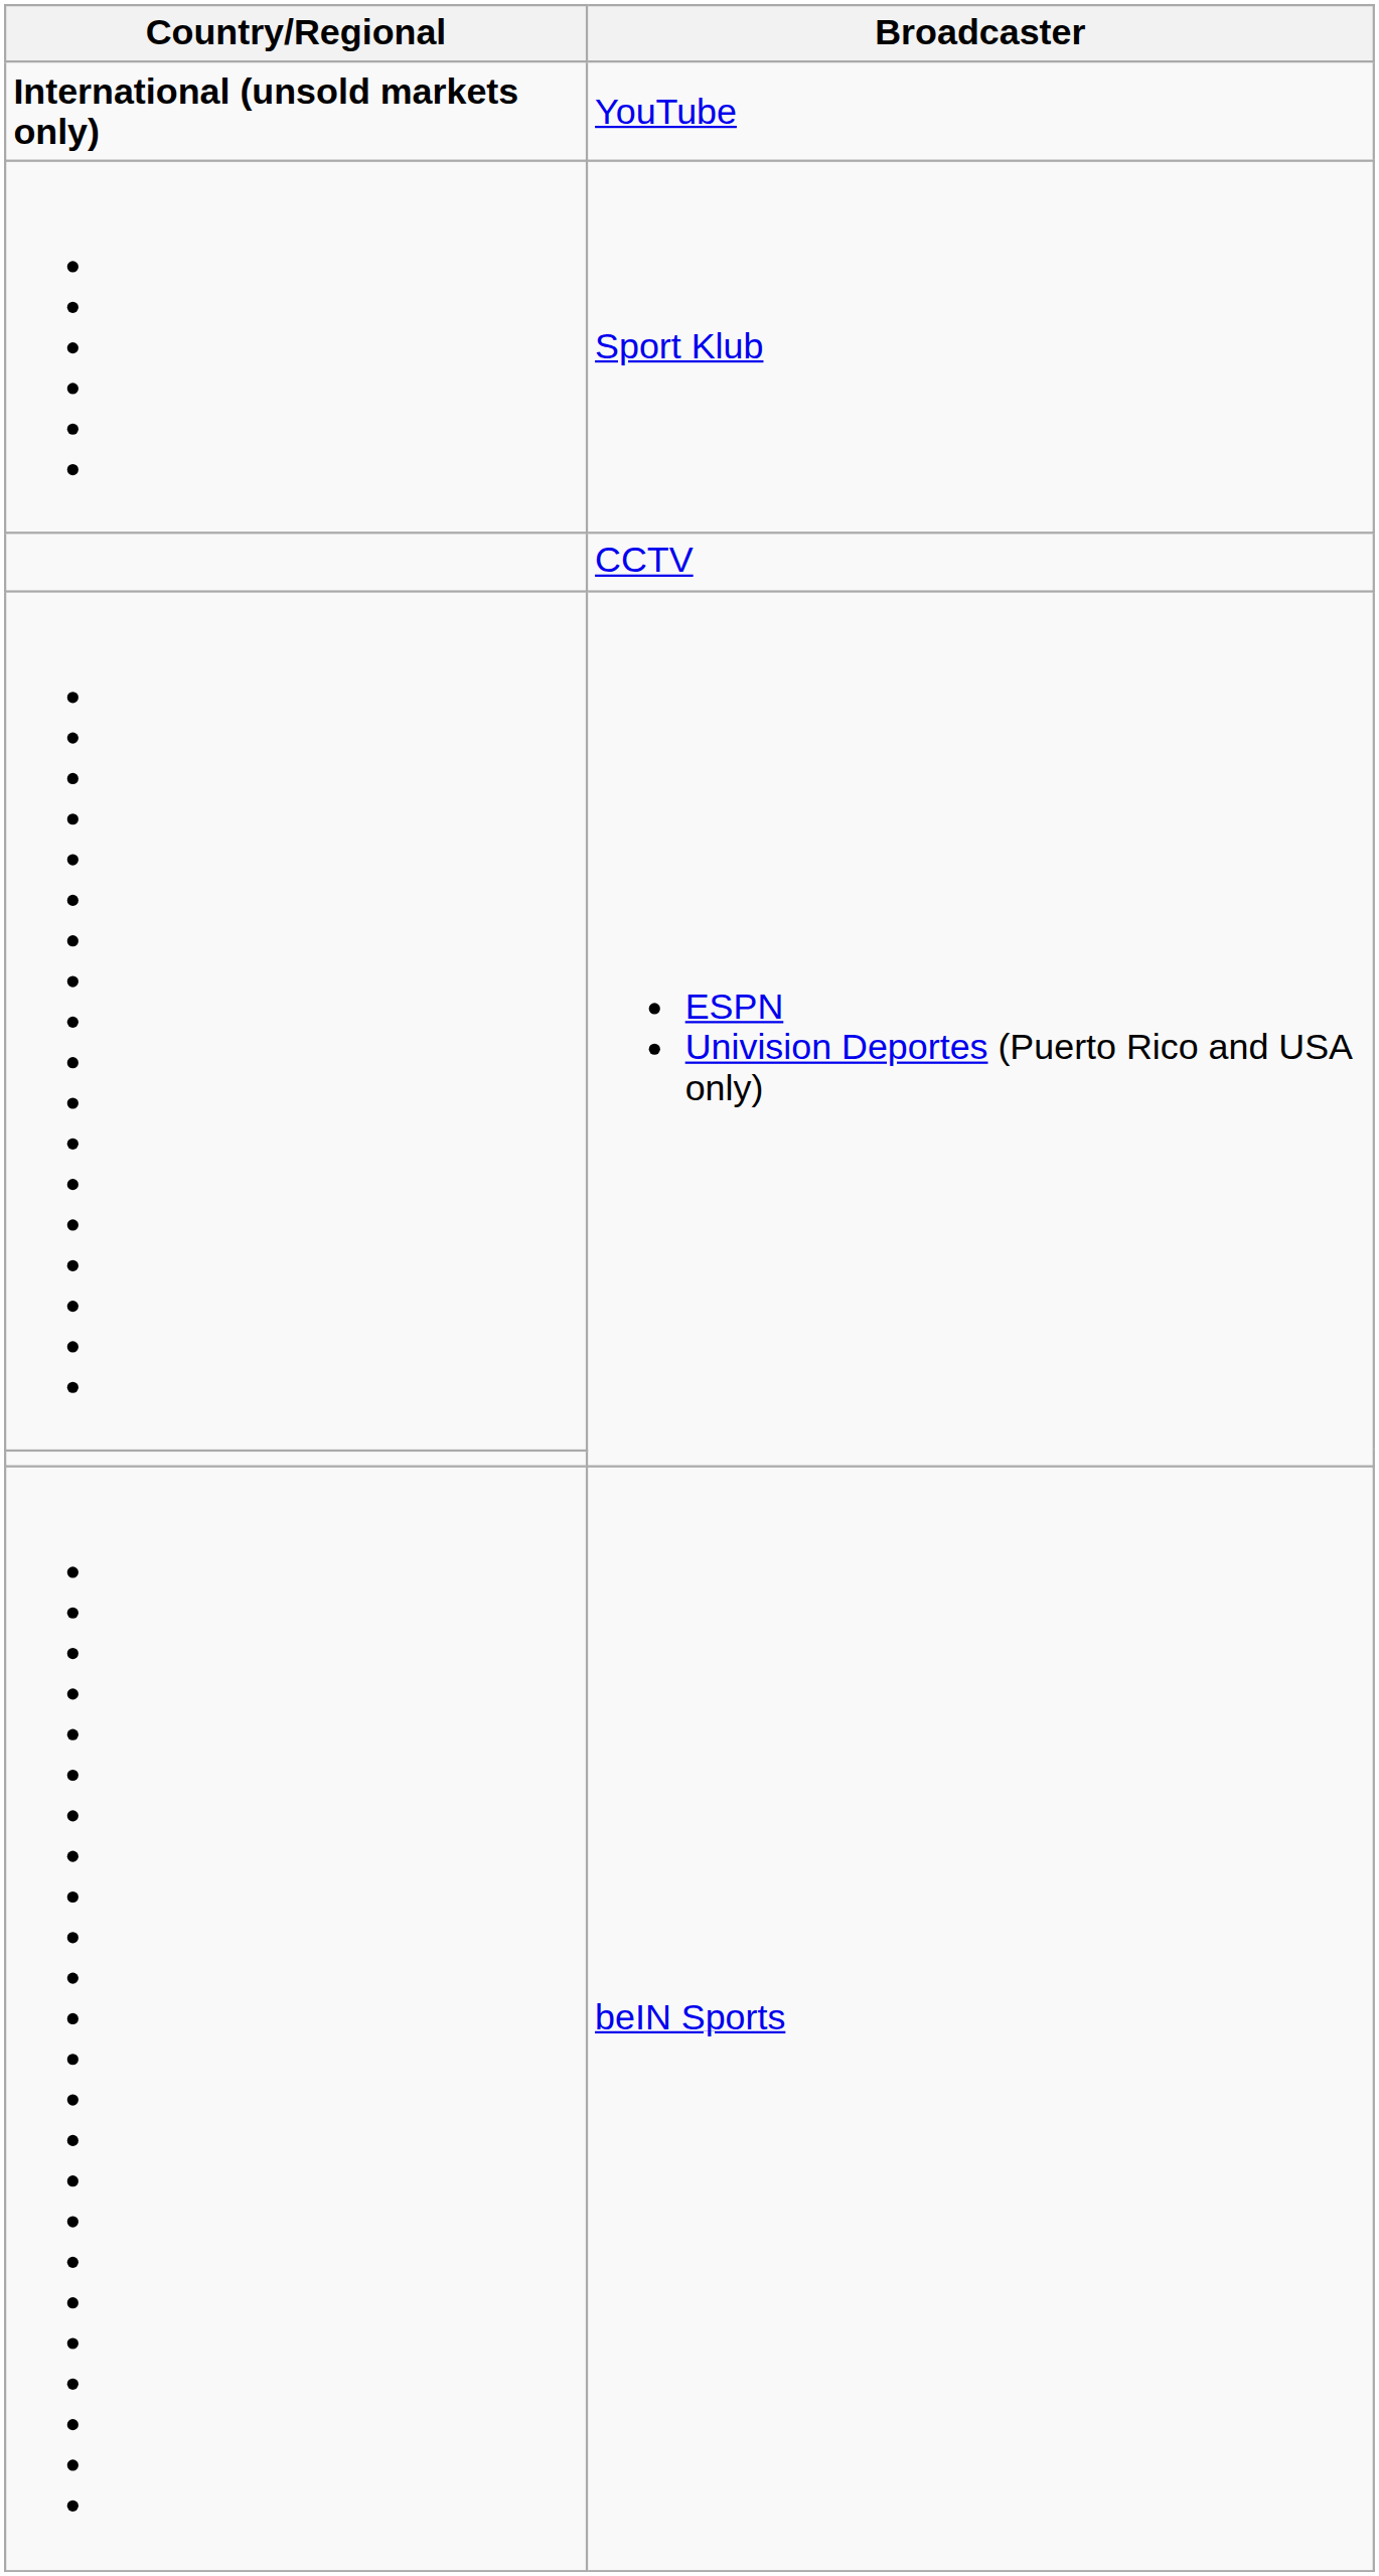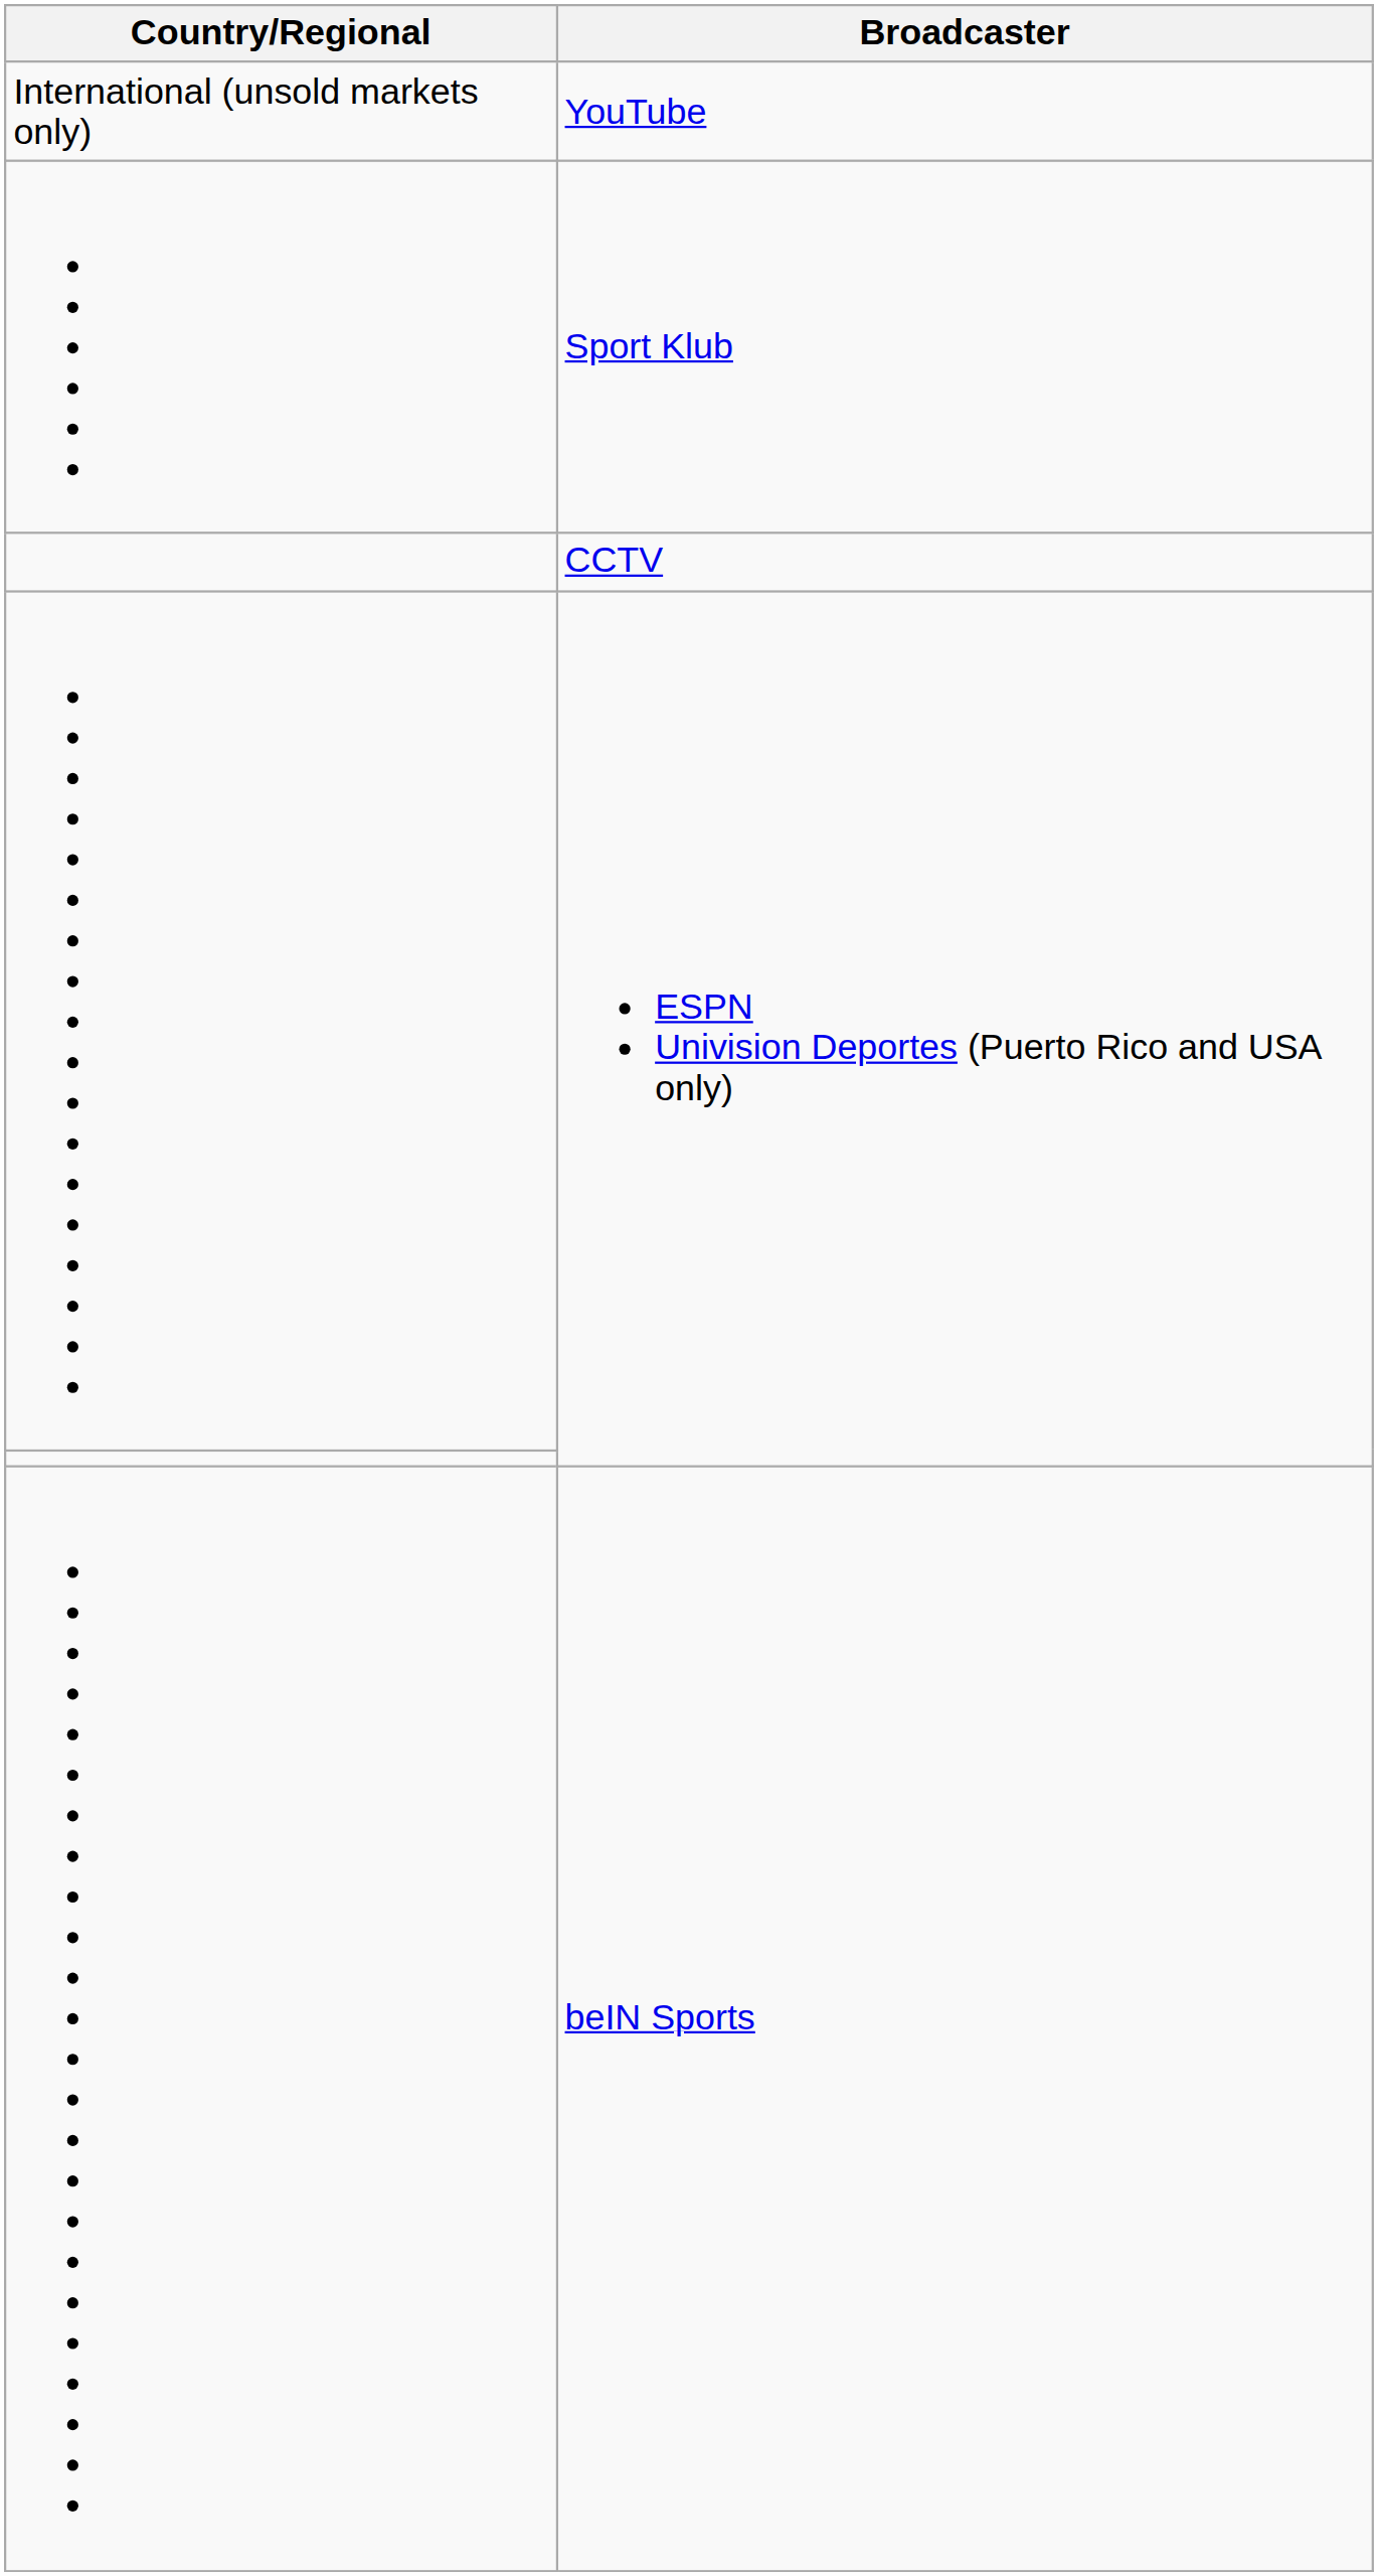 <table class="wikitable">
 <tr>
 <th>Country/Regional</th>
 <th>Broadcaster</th>
 </tr>
 <tr>
-<td><strong>International (unsold markets only)</strong></td>
+<td>International (unsold markets only)</td>
 <td rowspan="2"><a href='#'>YouTube</a></td>
 </tr>
 <tr>
 <td rowspan="2"><br><ul><li></li><li></li><li></li><li></li><li></li><li></li></ul></td>
 </tr>
 <tr>
 <td><a href='#'>Sport Klub</a></td>
 </tr>
 <tr>
 <td></td>
 <td><a href='#'>CCTV</a></td>
 </tr>
 <tr>
 <td><br><ul><li></li><li></li><li></li><li></li><li></li><li></li><li></li><li></li><li></li><li></li><li></li><li></li><li></li><li></li><li></li><li></li><li></li><li></li></ul></td>
 <td rowspan="2"><br><ul><li><a href='#'>ESPN</a></li><li><a href='#'>Univision Deportes</a> (Puerto Rico and USA only)</li></ul></td>
 </tr>
 <tr>
 <td></td>
 </tr>
 <tr>
 <td><br><ul><li></li><li></li><li></li><li></li><li></li><li></li><li></li><li></li><li></li><li></li><li></li><li></li><li></li><li></li><li></li><li></li><li></li><li></li><li></li><li></li><li></li><li></li><li></li><li></li></ul></td>
 <td><a href='#'>beIN Sports</a></td>
 </tr>
 </table>
